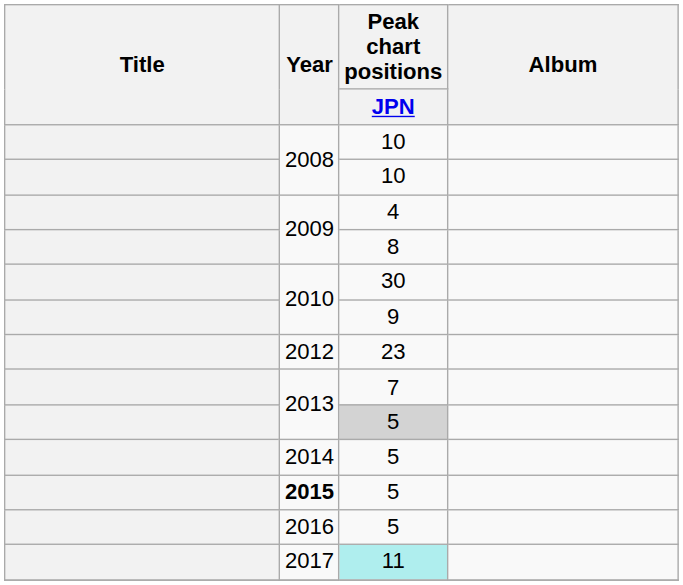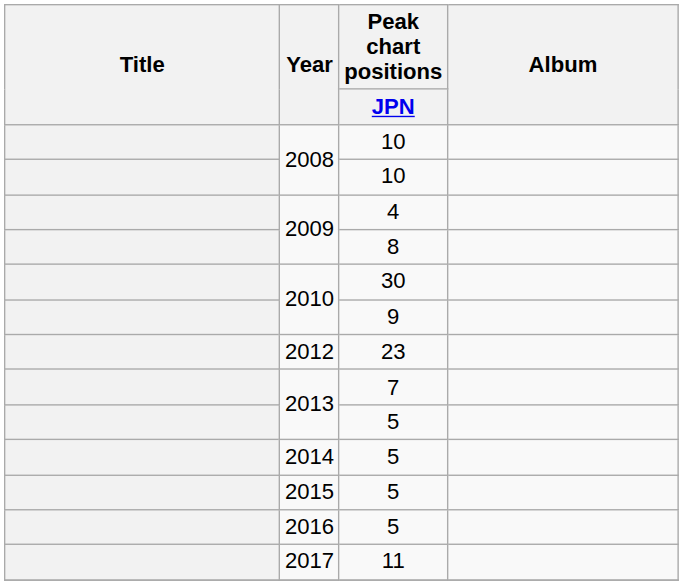 <table class="wikitable sortable" style="text-align:center" border="1">
 <tr>
 <th rowspan="2" style="width:12em;">Title</th>
 <th rowspan="2">Year</th>
 <th colspan="1">Peak chart positions</th>
 <th rowspan="2" style="width:10em;">Album</th>
 </tr>
 <tr>
 <th width="30"><a href='#'>JPN</a></th>
 </tr>
 <tr>
 <th scope="row"><br></th>
 <td rowspan="2">2008</td>
 <td>10</td>
 <td></td>
 </tr>
 <tr>
 <th scope="row"><br></th>
 <td>10</td>
 <td></td>
 </tr>
 <tr>
 <th scope="row"><br></th>
 <td rowspan="2">2009</td>
 <td>4</td>
 <td></td>
 </tr>
 <tr>
 <th scope="row"><br></th>
 <td>8</td>
 <td></td>
 </tr>
 <tr>
 <th scope="row"><br></th>
 <td rowspan="2">2010</td>
 <td>30</td>
 <td></td>
 </tr>
 <tr>
 <th scope="row"><br></th>
 <td>9</td>
 <td></td>
 </tr>
 <tr>
 <th scope="row"><br></th>
 <td>2012</td>
 <td>23</td>
 <td></td>
 </tr>
 <tr>
 <th scope="row"><br></th>
 <td rowspan="2">2013</td>
 <td>7</td>
 <td></td>
 </tr>
 <tr>
 <th scope="row"><br></th>
-<td style="background: lightgrey;">5</td>
+<td>5</td>
 <td></td>
 </tr>
 <tr>
 <th scope="row"><br></th>
 <td>2014</td>
 <td>5</td>
 <td></td>
 </tr>
 <tr>
 <th scope="row"></th>
-<td><strong>2015</strong></td>
+<td>2015</td>
 <td>5</td>
 <td></td>
 </tr>
 <tr>
 <th scope="row"></th>
 <td>2016</td>
 <td>5</td>
 <td></td>
 </tr>
 <tr>
 <th scope="row"></th>
 <td>2017</td>
-<td style="background: paleturquoise;">11</td>
+<td>11</td>
 <td></td>
 </tr>
 <tr>
 </tr>
 </table>
